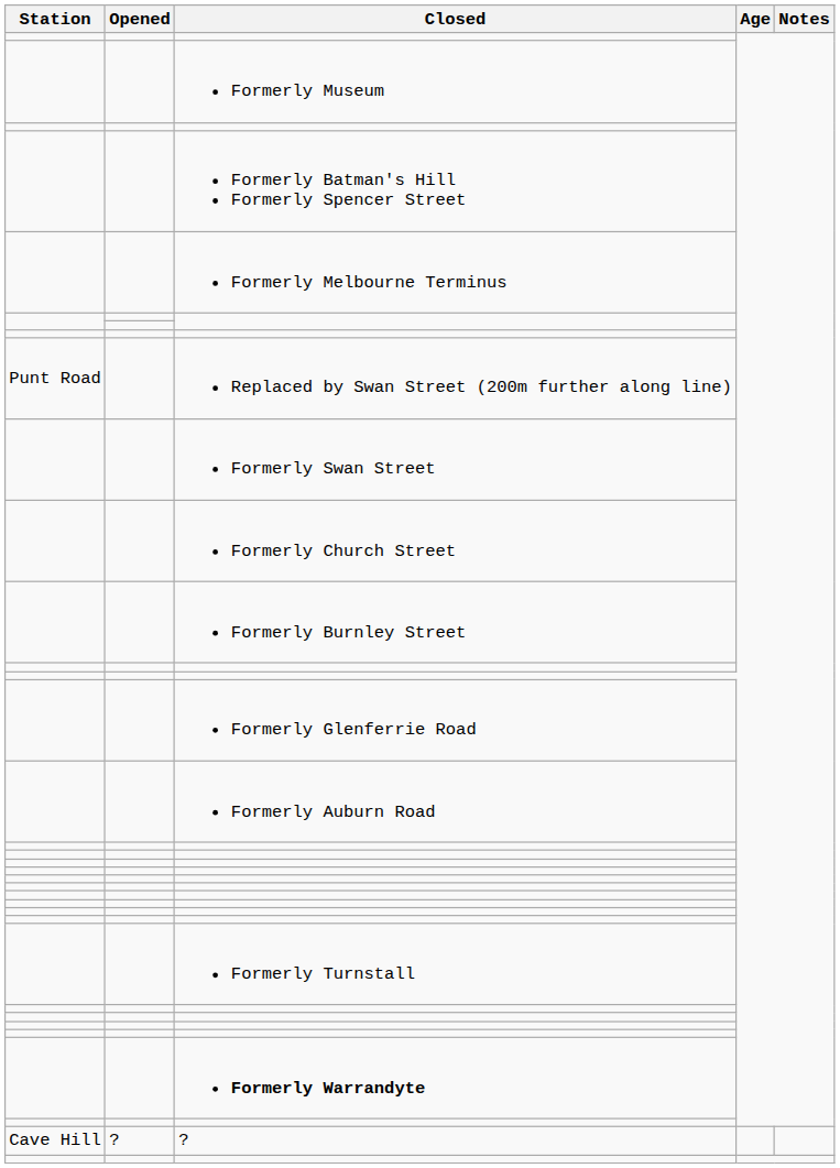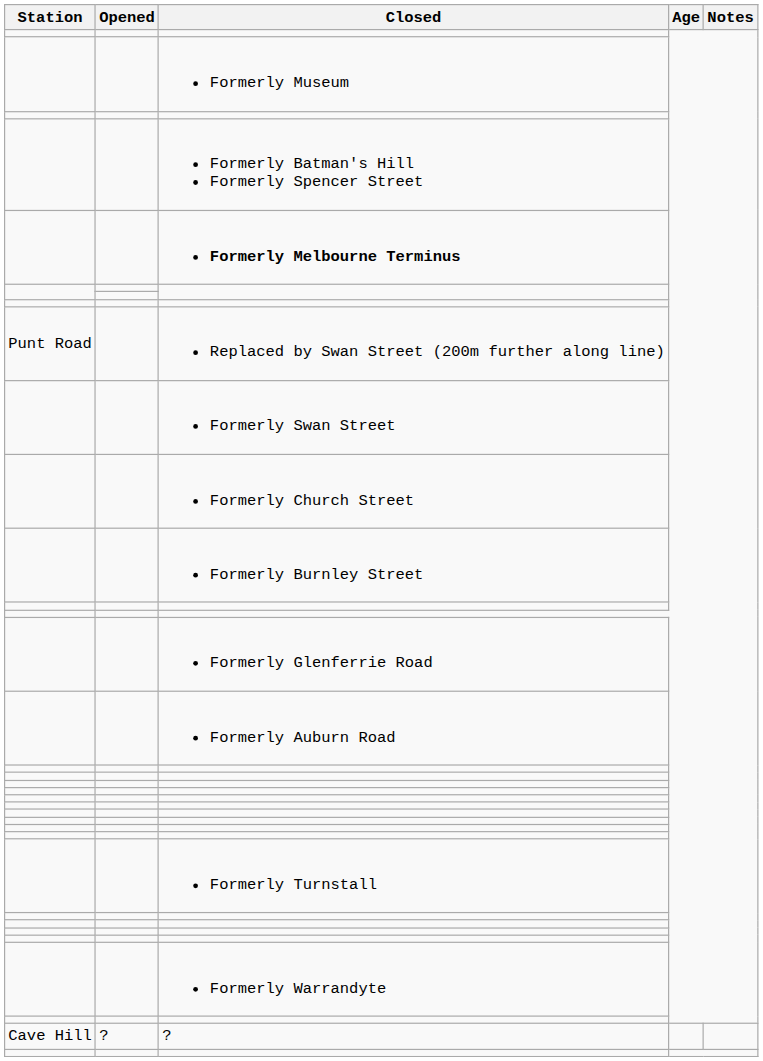 <table class="wikitable sortable mw-collapsible mw-collapsed">
 <tr>
 <th>Station</th>
 <th>Opened</th>
 <th>Closed</th>
 <th>Age</th>
 <th scope=col class=unsortable>Notes</th>
 </tr>
 <tr>
 <td></td>
 <td></td>
 <td></td>
 </tr>
 <tr>
 <td></td>
 <td></td>
 <td><br><ul><li>Formerly Museum</li></ul></td>
 </tr>
 <tr>
 <td></td>
 <td></td>
 <td></td>
 </tr>
 <tr>
 <td></td>
 <td></td>
 <td><br><ul><li>Formerly Batman's Hill</li><li>Formerly Spencer Street</li></ul></td>
 </tr>
 <tr>
 <td></td>
 <td></td>
-<td><br><ul><li>Formerly Melbourne Terminus</li></ul></td>
+<td><strong><br><ul><li>Formerly Melbourne Terminus</li></ul></strong></td>
 </tr>
 <tr>
 <td rowspan="2"></td>
 <td></td>
 <td rowspan="2"></td>
 </tr>
 <tr>
 <td></td>
 </tr>
 <tr>
 <td></td>
 <td></td>
 <td></td>
 </tr>
 <tr>
 <td>Punt Road</td>
 <td></td>
 <td><br><ul><li>Replaced by Swan Street (200m further along line)</li></ul></td>
 </tr>
 <tr>
 <td></td>
 <td></td>
 <td><br><ul><li>Formerly Swan Street</li></ul></td>
 </tr>
 <tr>
 <td></td>
 <td></td>
 <td><br><ul><li>Formerly Church Street</li></ul></td>
 </tr>
 <tr>
 <td></td>
 <td></td>
 <td><br><ul><li>Formerly Burnley Street</li></ul></td>
 </tr>
 <tr>
 <td></td>
 <td></td>
 <td></td>
 </tr>
 <tr>
 <td></td>
 <td></td>
 </tr>
 <tr>
 <td></td>
 <td></td>
 <td><br><ul><li>Formerly Glenferrie Road</li></ul></td>
 </tr>
 <tr>
 <td></td>
 <td></td>
 <td><br><ul><li>Formerly Auburn Road</li></ul></td>
 </tr>
 <tr>
 <td></td>
 <td></td>
 <td></td>
 </tr>
 <tr>
 <td></td>
 <td></td>
 <td></td>
 </tr>
 <tr>
 <td></td>
 <td></td>
 <td></td>
 </tr>
 <tr>
 <td></td>
 <td></td>
 <td></td>
 </tr>
 <tr>
 <td></td>
 <td></td>
 <td></td>
 </tr>
 <tr>
 <td></td>
 <td></td>
 <td></td>
 </tr>
 <tr>
 <td></td>
 <td></td>
 <td></td>
 </tr>
 <tr>
 <td></td>
 <td></td>
 <td></td>
 </tr>
 <tr>
 <td></td>
 <td></td>
 <td></td>
 </tr>
 <tr>
 <td></td>
 <td></td>
 <td></td>
 </tr>
 <tr>
 <td></td>
 <td></td>
 <td><br><ul><li>Formerly Turnstall</li></ul></td>
 </tr>
 <tr>
 <td></td>
 <td></td>
 <td></td>
 </tr>
 <tr>
 <td></td>
 <td></td>
 <td></td>
 </tr>
 <tr>
 <td></td>
 <td></td>
 <td></td>
 </tr>
 <tr>
 <td></td>
 <td></td>
 <td></td>
 </tr>
 <tr>
 <td></td>
 <td></td>
-<td><strong><br><ul><li>Formerly Warrandyte</li></ul></strong></td>
+<td><br><ul><li>Formerly Warrandyte</li></ul></td>
 </tr>
 <tr>
 <td></td>
 <td></td>
 <td></td>
 </tr>
 <tr>
 <td>Cave Hill</td>
 <td>?</td>
 <td>?</td>
 <td></td>
 <td></td>
 </tr>
 <tr>
 <td></td>
 <td></td>
 <td></td>
 </tr>
 </table>
